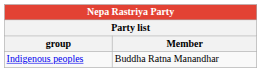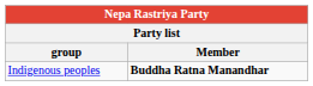 <table class="wikitable mw-collapsible mw-collapsed" role="presentation">
 <tr>
 <th colspan="2" style="width: 300pt; background:#E34234; color: white;">Nepa Rastriya Party</th>
 </tr>
 <tr>
 <th colspan="2">Party list</th>
 </tr>
 <tr>
 <th> group</th>
 <th>Member</th>
 </tr>
 <tr>
 <td><a href='#'>Indigenous peoples</a></td>
-<td>Buddha Ratna Manandhar</td>
+<td><strong>Buddha Ratna Manandhar</strong></td>
 </tr>
 </table>
